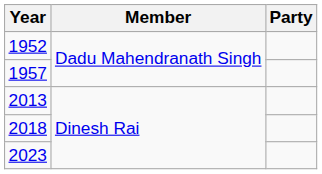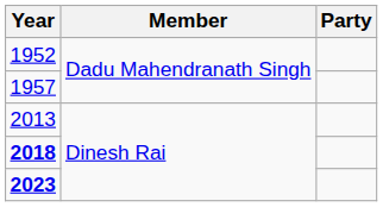 <table class="wikitable sortable">
 <tr>
 <th>Year</th>
 <th>Member</th>
 <th colspan="2">Party</th>
 </tr>
 <tr>
 <td><a href='#'>1952</a></td>
 <td rowspan=2><a href='#'>Dadu Mahendranath Singh</a></td>
 <td></td>
 </tr>
 <tr>
 <td><a href='#'>1957</a></td>
 </tr>
 <tr>
 <td><a href='#'>2013</a></td>
 <td rowspan=3><a href='#'>Dinesh Rai</a></td>
 <td></td>
 </tr>
 <tr>
-<td><a href='#'>2018</a></td>
+<td><strong><a href='#'>2018</a></strong></td>
 <td></td>
 </tr>
 <tr>
-<td><a href='#'>2023</a></td>
+<td><strong><a href='#'>2023</a></strong></td>
 </tr>
 </table>
